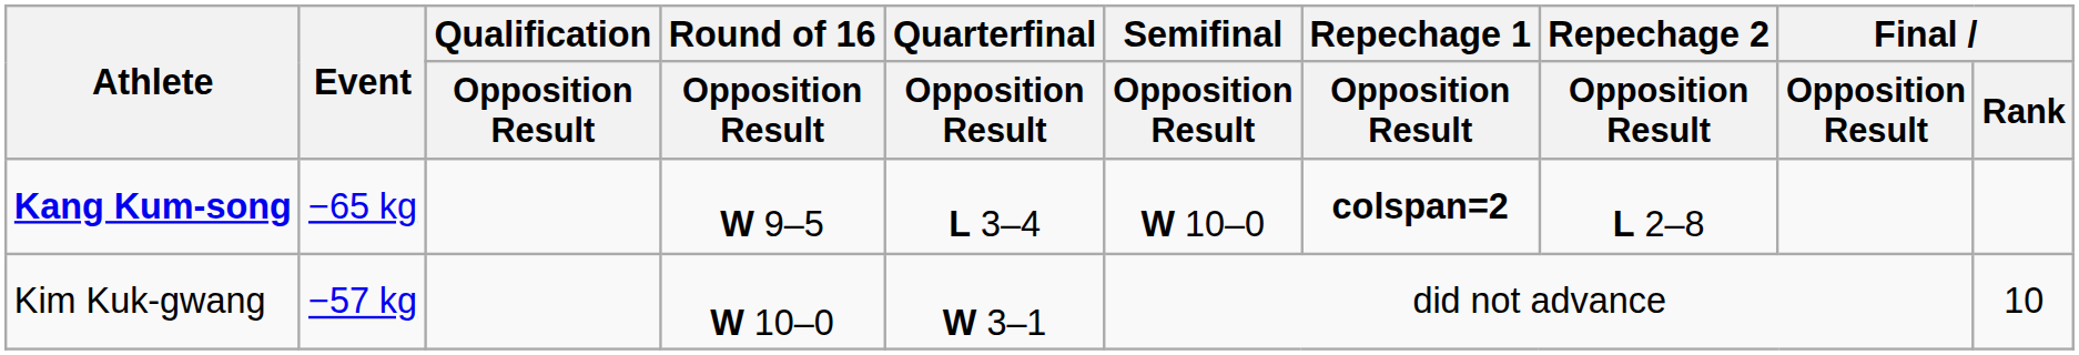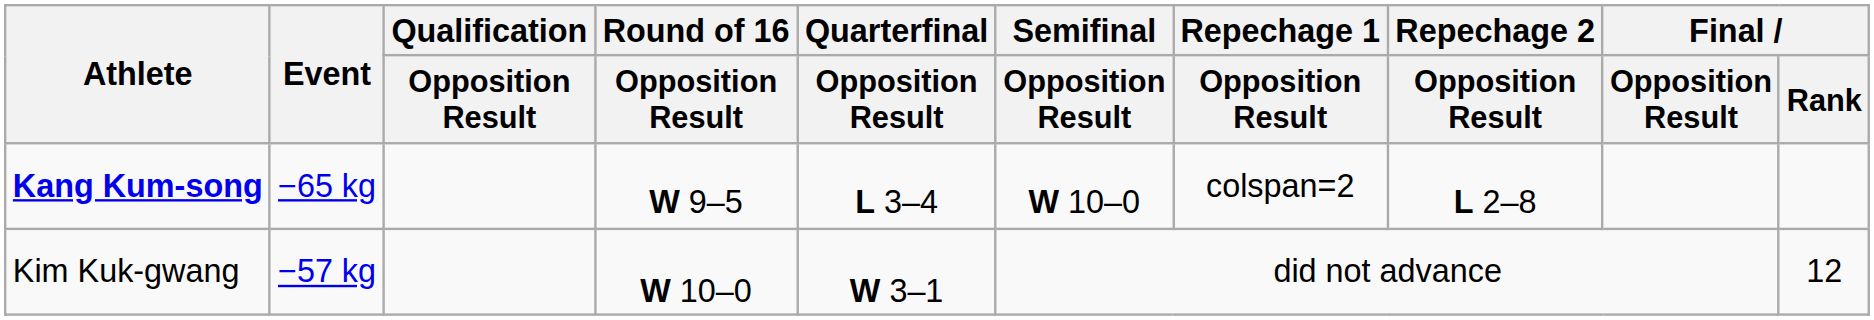 <table class=wikitable style=font-size:85%;text-align:center>
 <tr>
 <th rowspan="2">Athlete</th>
 <th rowspan="2">Event</th>
 <th>Qualification</th>
 <th>Round of 16</th>
 <th>Quarterfinal</th>
 <th>Semifinal</th>
 <th>Repechage 1</th>
 <th>Repechage 2</th>
 <th colspan=2>Final / </th>
 </tr>
 <tr style="font-size: 95%">
 <th>Opposition<br>Result</th>
 <th>Opposition<br>Result</th>
 <th>Opposition<br>Result</th>
 <th>Opposition<br>Result</th>
 <th>Opposition<br>Result</th>
 <th>Opposition<br>Result</th>
 <th>Opposition<br>Result</th>
 <th>Rank</th>
 </tr>
 <tr>
 <td align=left><strong><a href='#'>Kang Kum-song</a></strong></td>
 <td align=left><a href='#'>−65 kg</a></td>
 <td></td>
 <td><br><strong>W</strong> 9–5</td>
 <td><br><strong>L</strong> 3–4</td>
 <td><br><strong>W</strong> 10–0</td>
-<td><strong>colspan=2 </strong></td>
+<td>colspan=2 </td>
 <td><br><strong>L</strong> 2–8</td>
 <td></td>
 </tr>
 <tr>
 <td align=left>Kim Kuk-gwang</td>
 <td align=left><a href='#'>−57 kg</a></td>
 <td></td>
 <td><br><strong>W</strong> 10–0</td>
 <td><br><strong>W</strong> 3–1</td>
 <td colspan=4>did not advance</td>
-<td>10</td>
+<td>12</td>
 </tr>
 </table>
